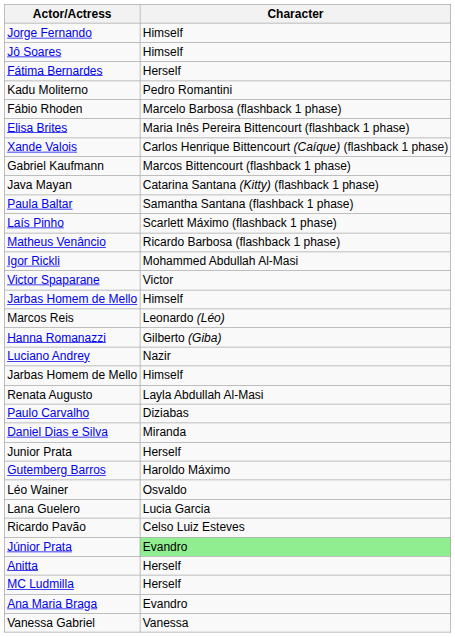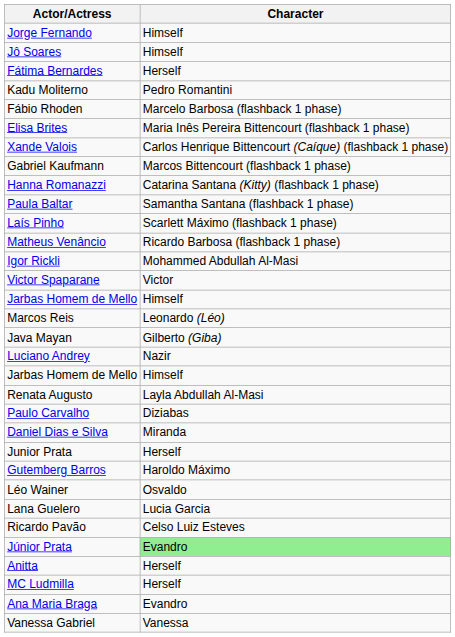 <table class="wikitable sortable">
 <tr>
 <th>Actor/Actress</th>
 <th>Character</th>
 </tr>
 <tr>
 <td><a href='#'>Jorge Fernando</a></td>
 <td>Himself</td>
 </tr>
 <tr>
 <td><a href='#'>Jô Soares</a></td>
 <td>Himself</td>
 </tr>
 <tr>
 <td><a href='#'>Fátima Bernardes</a></td>
 <td>Herself</td>
 </tr>
 <tr>
 <td>Kadu Moliterno</td>
 <td>Pedro Romantini</td>
 </tr>
 <tr>
 <td>Fábio Rhoden</td>
 <td>Marcelo Barbosa (flashback 1 phase)</td>
 </tr>
 <tr>
 <td><a href='#'>Elisa Brites</a></td>
 <td>Maria Inês Pereira Bittencourt (flashback 1 phase)</td>
 </tr>
 <tr>
 <td><a href='#'>Xande Valois</a></td>
 <td>Carlos Henrique Bittencourt <em>(Caíque)</em> (flashback 1 phase)</td>
 </tr>
 <tr>
 <td>Gabriel Kaufmann</td>
 <td>Marcos Bittencourt (flashback 1 phase)</td>
 </tr>
 <tr>
-<td>Java Mayan</td>
+<td><a href='#'>Hanna Romanazzi</a></td>
 <td>Catarina Santana <em>(Kitty)</em> (flashback 1 phase)</td>
 </tr>
 <tr>
 <td><a href='#'>Paula Baltar</a></td>
 <td>Samantha Santana (flashback 1 phase)</td>
 </tr>
 <tr>
 <td><a href='#'>Laís Pinho</a></td>
 <td>Scarlett Máximo (flashback 1 phase)</td>
 </tr>
 <tr>
 <td><a href='#'>Matheus Venâncio</a></td>
 <td>Ricardo Barbosa (flashback 1 phase)</td>
 </tr>
 <tr>
 <td><a href='#'>Igor Rickli</a></td>
 <td>Mohammed Abdullah Al-Masi</td>
 </tr>
 <tr>
 <td><a href='#'>Victor Spaparane</a></td>
 <td>Victor</td>
 </tr>
 <tr>
 <td><a href='#'>Jarbas Homem de Mello</a></td>
 <td>Himself</td>
 </tr>
 <tr>
 <td>Marcos Reis</td>
 <td>Leonardo <em>(Léo)</em></td>
 </tr>
 <tr>
-<td><a href='#'>Hanna Romanazzi</a></td>
+<td>Java Mayan</td>
 <td>Gilberto <em>(Giba)</em></td>
 </tr>
 <tr>
 <td><a href='#'>Luciano Andrey</a></td>
 <td>Nazir</td>
 </tr>
 <tr>
 <td>Jarbas Homem de Mello</td>
 <td>Himself</td>
 </tr>
 <tr>
 <td>Renata Augusto</td>
 <td>Layla Abdullah Al-Masi</td>
 </tr>
 <tr>
 <td><a href='#'>Paulo Carvalho</a></td>
 <td>Diziabas</td>
 </tr>
 <tr>
 <td><a href='#'>Daniel Dias e Silva</a></td>
 <td>Miranda</td>
 </tr>
 <tr>
 <td>Junior Prata</td>
 <td>Herself</td>
 </tr>
 <tr>
 <td><a href='#'>Gutemberg Barros</a></td>
 <td>Haroldo Máximo</td>
 </tr>
 <tr>
 <td>Léo Wainer</td>
 <td>Osvaldo</td>
 </tr>
 <tr>
 <td>Lana Guelero</td>
 <td>Lucia Garcia</td>
 </tr>
 <tr>
 <td>Ricardo Pavão</td>
 <td>Celso Luiz Esteves</td>
 </tr>
 <tr>
 <td><a href='#'>Júnior Prata</a></td>
 <td style="background: lightgreen;">Evandro</td>
 </tr>
 <tr>
 <td><a href='#'>Anitta</a></td>
 <td>Herself</td>
 </tr>
 <tr>
 <td><a href='#'>MC Ludmilla</a></td>
 <td>Herself</td>
 </tr>
 <tr>
 <td><a href='#'>Ana Maria Braga</a></td>
 <td>Evandro</td>
 </tr>
 <tr>
 <td>Vanessa Gabriel</td>
 <td>Vanessa</td>
 </tr>
 </table>
